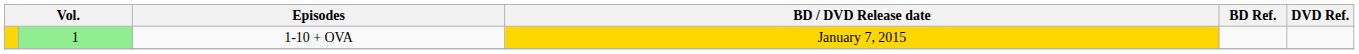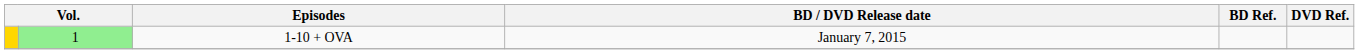 <table class="wikitable" style="text-align: center; width: 98%;">
 <tr>
 <th colspan="2">Vol.</th>
 <th>Episodes</th>
 <th>BD / DVD Release date</th>
 <th width="5%">BD Ref.</th>
 <th width="5%">DVD Ref.</th>
 </tr>
 <tr>
 <td width="1%" style="background: Gold;"></td>
 <td style="background: lightgreen;">1</td>
 <td>1-10 + OVA</td>
-<td style="background: gold;">January 7, 2015</td>
+<td>January 7, 2015</td>
 <td></td>
 <td></td>
 </tr>
 <tr>
 </tr>
 </table>
